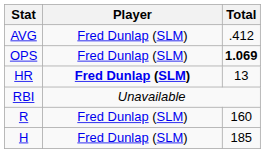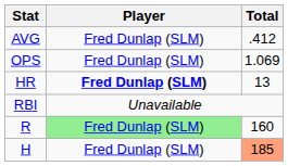 <table class="wikitable" style="text-align:center;">
 <tr>
 <th style="width:15%;">Stat</th>
 <th>Player</th>
 <th style="width:15%;">Total</th>
 </tr>
 <tr>
 <td><a href='#'>AVG</a></td>
 <td><a href='#'>Fred Dunlap</a> (<a href='#'>SLM</a>)</td>
 <td>.412</td>
 </tr>
 <tr>
 <td><a href='#'>OPS</a></td>
 <td><a href='#'>Fred Dunlap</a> (<a href='#'>SLM</a>)</td>
-<td><strong>1.069</strong></td>
+<td>1.069</td>
 </tr>
 <tr>
 <td><a href='#'>HR</a></td>
 <td><strong><a href='#'>Fred Dunlap</a> (<a href='#'>SLM</a>)</strong></td>
 <td>13</td>
 </tr>
 <tr>
 <td><a href='#'>RBI</a></td>
 <td colspan=2><em>Unavailable</em></td>
 </tr>
 <tr>
 <td><a href='#'>R</a></td>
-<td><a href='#'>Fred Dunlap</a> (<a href='#'>SLM</a>)</td>
+<td style="background: lightgreen;"><a href='#'>Fred Dunlap</a> (<a href='#'>SLM</a>)</td>
 <td>160</td>
 </tr>
 <tr>
 <td><a href='#'>H</a></td>
 <td><a href='#'>Fred Dunlap</a> (<a href='#'>SLM</a>)</td>
-<td>185</td>
+<td style="background: lightsalmon;">185</td>
 </tr>
 </table>
